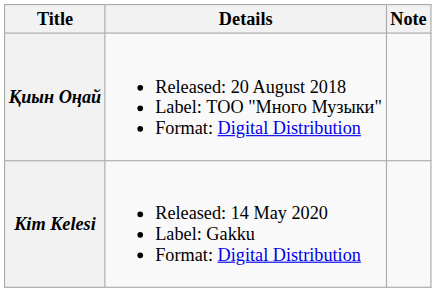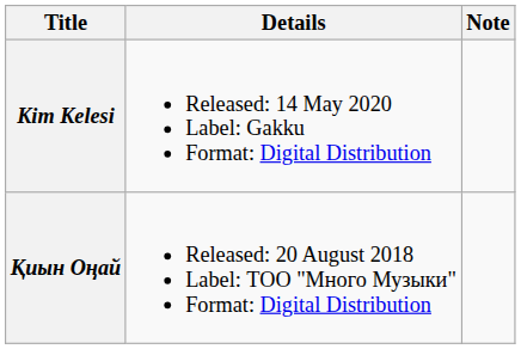 <table class="wikitable" style="font-size: 100%">
 <tr>
 <th>Title</th>
 <th>Details</th>
 <th>Note</th>
 </tr>
 <tr>
+<th scope="row"><strong><em>Kim Kelesi</em></strong></th>
+<td><br><ul><li>Released: 14 May 2020</li><li>Label: Gakku</li><li>Format: <a href='#'>Digital Distribution</a></li></ul></td>
+<td></td>
+</tr>
+<tr>
 <th scope="row"><strong><em>Қиын Оңай</em></strong></th>
 <td><br><ul><li>Released: 20 August 2018</li><li>Label: ТОО "Много Музыки"</li><li>Format: <a href='#'>Digital Distribution</a></li></ul></td>
 <td></td>
 </tr>
-<tr>
-<th scope="row"><strong><em>Kim Kelesi</em></strong></th>
-<td><br><ul><li>Released: 14 May 2020</li><li>Label: Gakku</li><li>Format: <a href='#'>Digital Distribution</a></li></ul></td>
-<td></td>
-</tr>
 </table>
